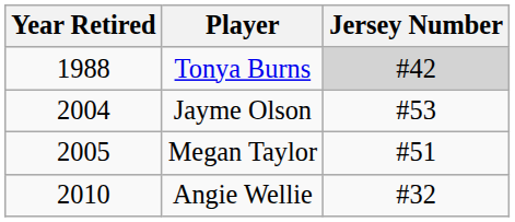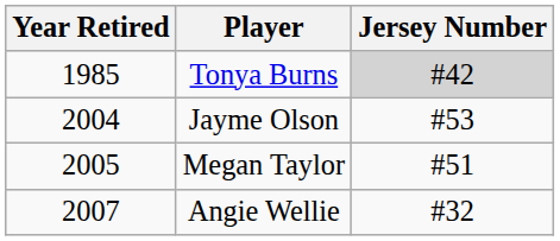 <table class="wikitable" style="text-align: center">
 <tr align=center>
 <th>Year Retired</th>
 <th>Player</th>
 <th>Jersey Number</th>
 </tr>
 <tr>
-<td>1988</td>
+<td>1985</td>
 <td><a href='#'>Tonya Burns</a></td>
 <td style="background: lightgrey;">#42</td>
 </tr>
 <tr>
 <td>2004</td>
 <td>Jayme Olson</td>
 <td>#53</td>
 </tr>
 <tr>
 <td>2005</td>
 <td>Megan Taylor</td>
 <td>#51</td>
 </tr>
 <tr>
-<td>2010</td>
+<td>2007</td>
 <td>Angie Wellie</td>
 <td>#32</td>
 </tr>
 </table>
